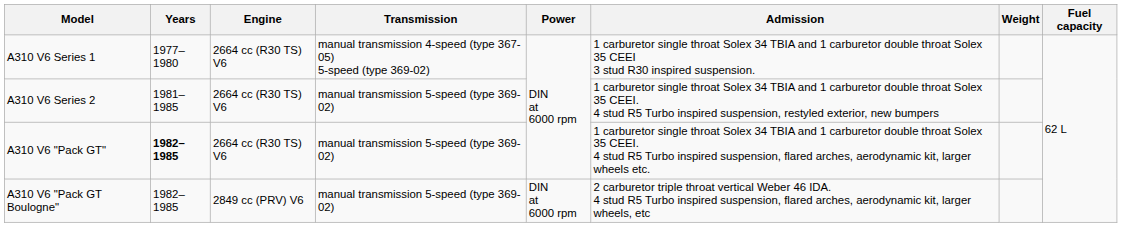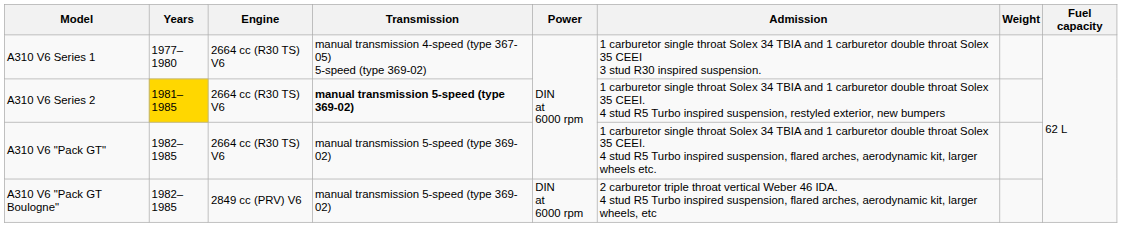 <table class="wikitable">
 <tr>
 <th>Model</th>
 <th>Years</th>
 <th>Engine</th>
 <th>Transmission</th>
 <th>Power</th>
 <th>Admission</th>
 <th>Weight</th>
 <th>Fuel capacity</th>
 </tr>
 <tr>
 <td>A310 V6 Series 1</td>
 <td>1977–1980</td>
 <td>2664 cc (R30 TS) V6</td>
 <td>manual transmission 4-speed (type 367-05)<br>5-speed (type 369-02)</td>
 <td rowspan = "3"> DIN<br>at 6000 rpm</td>
 <td>1 carburetor single throat Solex 34 TBIA and 1 carburetor double throat Solex 35 CEEI  <br> 3 stud R30 inspired suspension.</td>
 <td></td>
 <td rowspan = "4">62 L</td>
 </tr>
 <tr>
 <td>A310 V6 Series 2</td>
-<td>1981–1985</td>
+<td style="background: gold;">1981–1985</td>
 <td>2664 cc (R30 TS) V6</td>
-<td>manual transmission 5-speed (type 369-02)</td>
+<td><strong>manual transmission 5-speed (type 369-02)</strong></td>
 <td>1 carburetor single throat Solex 34 TBIA and 1 carburetor double throat Solex 35 CEEI. <br> 4 stud R5 Turbo inspired suspension, restyled exterior, new bumpers</td>
 <td></td>
 </tr>
 <tr>
 <td>A310 V6 "Pack GT"</td>
-<td><strong>1982–1985</strong></td>
+<td>1982–1985</td>
 <td>2664 cc (R30 TS) V6</td>
 <td>manual transmission 5-speed (type 369-02)</td>
 <td>1 carburetor single throat Solex 34 TBIA and 1 carburetor double throat Solex 35 CEEI. <br> 4 stud R5 Turbo inspired suspension, flared arches, aerodynamic kit, larger wheels etc.</td>
 <td></td>
 </tr>
 <tr>
 <td>A310 V6 "Pack GT Boulogne"</td>
 <td>1982–1985</td>
 <td>2849 cc (PRV) V6</td>
 <td>manual transmission 5-speed (type 369-02)</td>
 <td> DIN<br>at 6000 rpm</td>
 <td>2 carburetor triple throat vertical Weber 46 IDA.<br> 4 stud R5 Turbo inspired suspension, flared arches, aerodynamic kit, larger wheels, etc</td>
 <td></td>
 </tr>
 </table>
